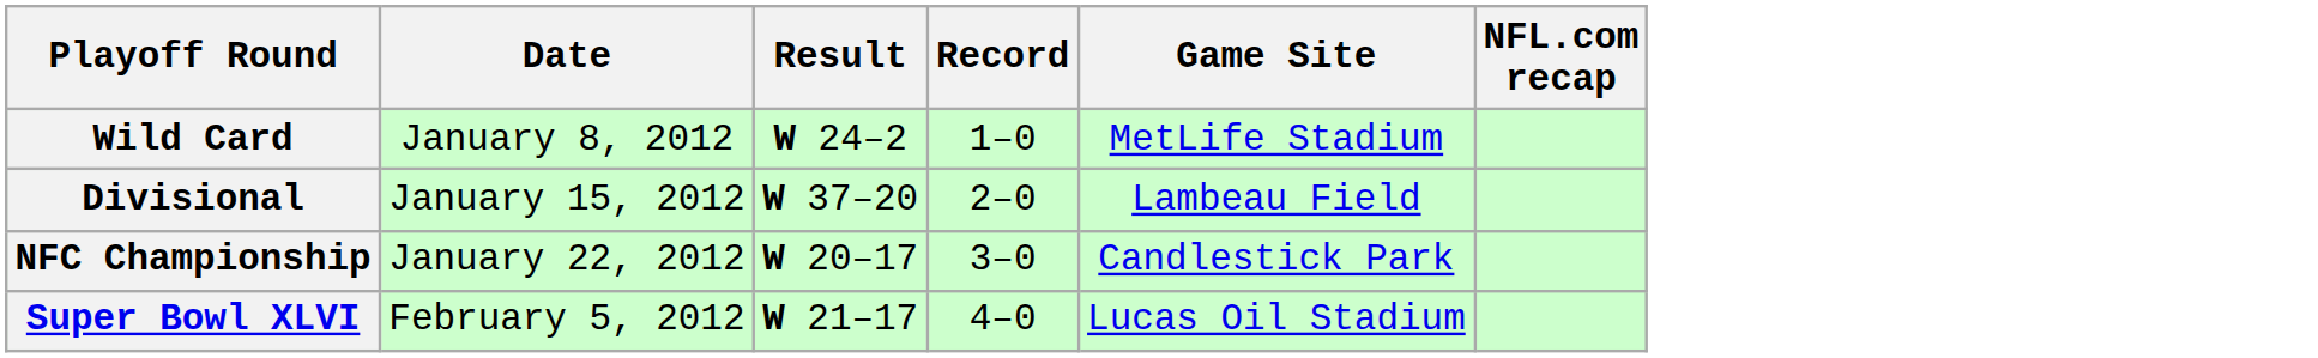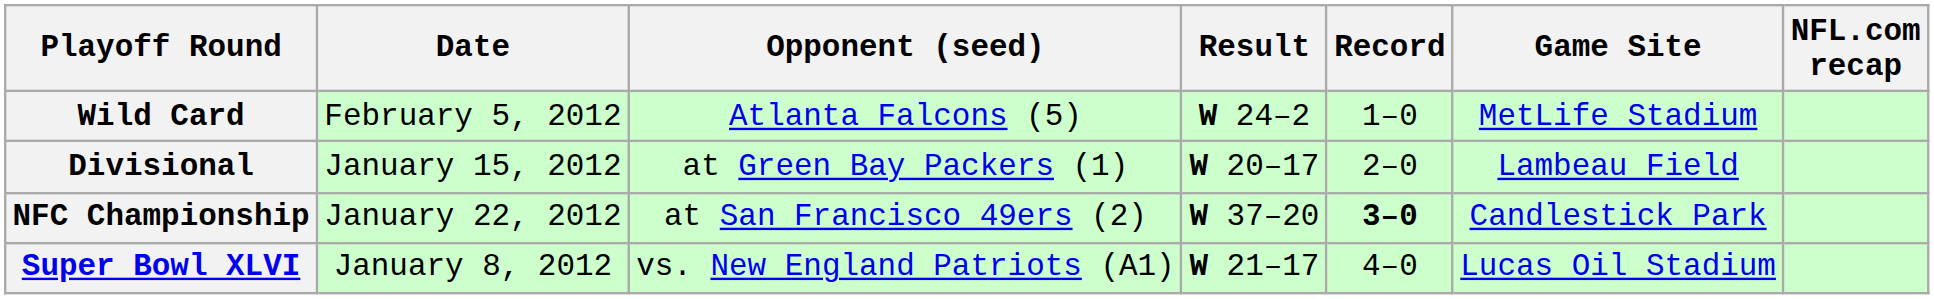 <table class="wikitable" style="text-align:center;">
 <tr>
 <th>Playoff Round</th>
 <th>Date</th>
+<th>Opponent (seed)</th>
 <th>Result</th>
 <th>Record</th>
 <th>Game Site</th>
 <th>NFL.com<br>recap</th>
 </tr>
 <tr style="background:#cfc;">
 <th>Wild Card</th>
-<td>January 8, 2012</td>
+<td>February 5, 2012</td>
+<td><a href='#'>Atlanta Falcons</a> (5)</td>
 <td><strong>W</strong> 24–2</td>
 <td>1–0</td>
 <td><a href='#'>MetLife Stadium</a></td>
 <td></td>
 </tr>
 <tr style="background:#cfc;">
 <th>Divisional</th>
 <td>January 15, 2012</td>
-<td><strong>W</strong> 37–20</td>
+<td>at <a href='#'>Green Bay Packers</a> (1)</td>
+<td><strong>W</strong> 20–17 </td>
 <td>2–0</td>
 <td><a href='#'>Lambeau Field</a></td>
 <td></td>
 </tr>
 <tr style="background:#cfc;">
 <th>NFC Championship</th>
 <td>January 22, 2012</td>
-<td><strong>W</strong> 20–17 </td>
-<td>3–0</td>
+<td>at <a href='#'>San Francisco 49ers</a> (2)</td>
+<td><strong>W</strong> 37–20</td>
+<td><strong>3–0</strong></td>
 <td><a href='#'>Candlestick Park</a></td>
 <td></td>
 </tr>
 <tr style="background:#cfc;">
 <th><a href='#'>Super Bowl XLVI</a></th>
-<td>February 5, 2012</td>
+<td>January 8, 2012</td>
+<td>vs. <a href='#'>New England Patriots</a> (A1)</td>
 <td><strong>W</strong> 21–17</td>
 <td>4–0</td>
 <td><a href='#'>Lucas Oil Stadium</a></td>
 <td></td>
 </tr>
 </table>
